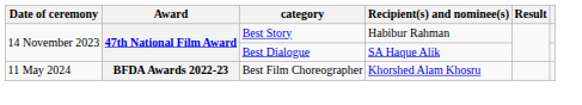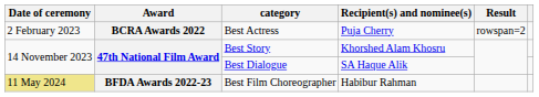 <table class="wikitable">
 <tr>
 <th>Date of ceremony</th>
 <th>Award</th>
 <th>category</th>
 <th>Recipient(s) and nominee(s)</th>
 <th>Result</th>
 <th></th>
 </tr>
 <tr>
+<td>2 February 2023</td>
+<th>BCRA Awards 2022</th>
+<td>Best Actress</td>
+<td><a href='#'>Puja Cherry</a></td>
+<td>rowspan=2 </td>
+<td></td>
+</tr>
+<tr>
 <td rowspan="2">14 November 2023</td>
 <th rowspan="2"><a href='#'>47th National Film Award</a></th>
 <td><a href='#'>Best Story</a></td>
-<td>Habibur Rahman</td>
+<td><a href='#'>Khorshed Alam Khosru</a></td>
 <td rowspan="2"></td>
 </tr>
 <tr>
 <td><a href='#'>Best Dialogue</a></td>
 <td><a href='#'>SA Haque Alik</a></td>
 <td></td>
 </tr>
 <tr>
-<td>11 May 2024</td>
+<td style="background: khaki;">11 May 2024</td>
 <th>BFDA Awards 2022-23</th>
 <td>Best Film Choreographer</td>
-<td><a href='#'>Khorshed Alam Khosru</a></td>
+<td>Habibur Rahman</td>
 <td></td>
 <td></td>
 </tr>
 </table>
